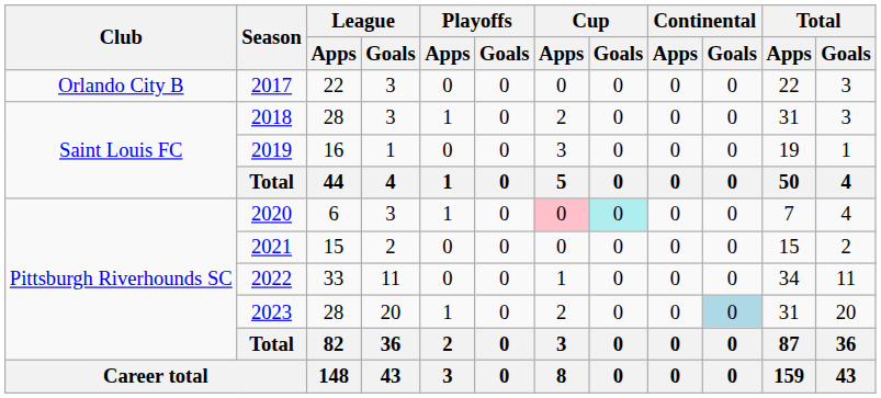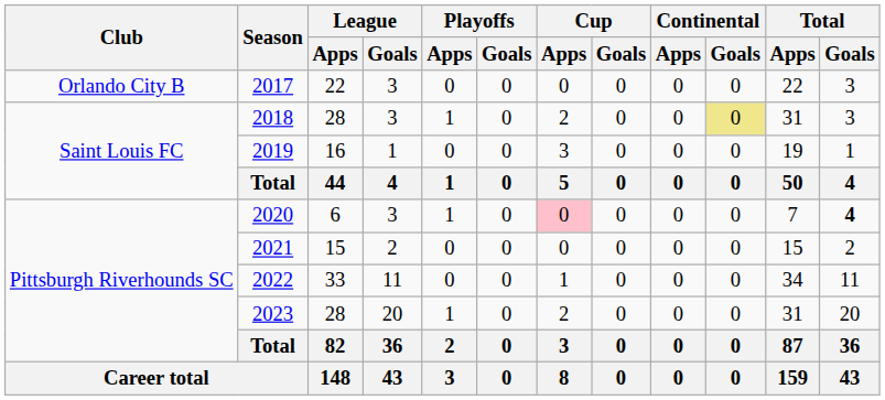 <table class="wikitable" style="text-align: center;">
 <tr>
 <th rowspan="2">Club</th>
 <th rowspan="2">Season</th>
 <th colspan="2">League</th>
 <th colspan="2">Playoffs</th>
 <th colspan="2">Cup</th>
 <th colspan="2">Continental</th>
 <th colspan="2">Total</th>
 </tr>
 <tr>
 <th>Apps</th>
 <th>Goals</th>
 <th>Apps</th>
 <th>Goals</th>
 <th>Apps</th>
 <th>Goals</th>
 <th>Apps</th>
 <th>Goals</th>
 <th>Apps</th>
 <th>Goals</th>
 </tr>
 <tr>
 <td><a href='#'>Orlando City B</a></td>
 <td><a href='#'>2017</a></td>
 <td>22</td>
 <td>3</td>
 <td>0</td>
 <td>0</td>
 <td>0</td>
 <td>0</td>
 <td>0</td>
 <td>0</td>
 <td>22</td>
 <td>3</td>
 </tr>
 <tr>
 <td rowspan="3"><a href='#'>Saint Louis FC</a></td>
 <td><a href='#'>2018</a></td>
 <td>28</td>
 <td>3</td>
 <td>1</td>
 <td>0</td>
 <td>2</td>
 <td>0</td>
 <td>0</td>
-<td>0</td>
+<td style="background: khaki;">0</td>
 <td>31</td>
 <td>3</td>
 </tr>
 <tr>
 <td><a href='#'>2019</a></td>
 <td>16</td>
 <td>1</td>
 <td>0</td>
 <td>0</td>
 <td>3</td>
 <td>0</td>
 <td>0</td>
 <td>0</td>
 <td>19</td>
 <td>1</td>
 </tr>
 <tr>
 <th>Total</th>
 <th>44</th>
 <th>4</th>
 <th>1</th>
 <th>0</th>
 <th>5</th>
 <th>0</th>
 <th>0</th>
 <th>0</th>
 <th>50</th>
 <th>4</th>
 </tr>
 <tr>
 <td rowspan="5"><a href='#'>Pittsburgh Riverhounds SC</a></td>
 <td><a href='#'>2020</a></td>
 <td>6</td>
 <td>3</td>
 <td>1</td>
 <td>0</td>
 <td style="background: pink;">0</td>
-<td style="background: paleturquoise;">0</td>
+<td>0</td>
 <td>0</td>
 <td>0</td>
 <td>7</td>
-<td>4</td>
+<td><strong>4</strong></td>
 </tr>
 <tr>
 <td><a href='#'>2021</a></td>
 <td>15</td>
 <td>2</td>
 <td>0</td>
 <td>0</td>
 <td>0</td>
 <td>0</td>
 <td>0</td>
 <td>0</td>
 <td>15</td>
 <td>2</td>
 </tr>
 <tr>
 <td><a href='#'>2022</a></td>
 <td>33</td>
 <td>11</td>
 <td>0</td>
 <td>0</td>
 <td>1</td>
 <td>0</td>
 <td>0</td>
 <td>0</td>
 <td>34</td>
 <td>11</td>
 </tr>
 <tr>
 <td><a href='#'>2023</a></td>
 <td>28</td>
 <td>20</td>
 <td>1</td>
 <td>0</td>
 <td>2</td>
 <td>0</td>
 <td>0</td>
-<td style="background: lightblue;">0</td>
+<td>0</td>
 <td>31</td>
 <td>20</td>
 </tr>
 <tr>
 <th>Total</th>
 <th>82</th>
 <th>36</th>
 <th>2</th>
 <th>0</th>
 <th>3</th>
 <th>0</th>
 <th>0</th>
 <th>0</th>
 <th>87</th>
 <th>36</th>
 </tr>
 <tr>
 <th colspan="2">Career total</th>
 <th>148</th>
 <th>43</th>
 <th>3</th>
 <th>0</th>
 <th>8</th>
 <th>0</th>
 <th>0</th>
 <th>0</th>
 <th>159</th>
 <th>43</th>
 </tr>
 </table>
